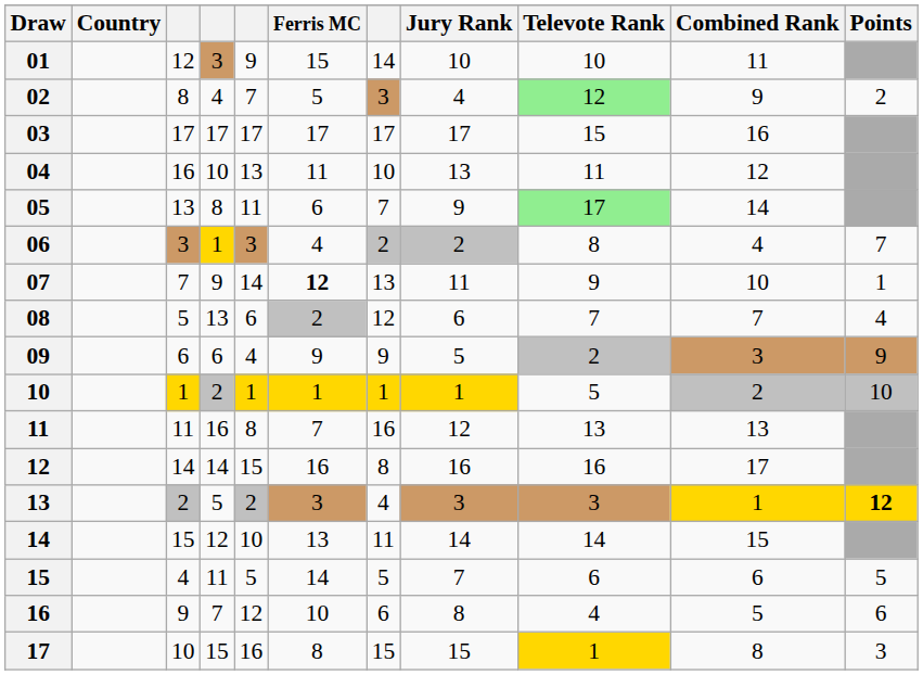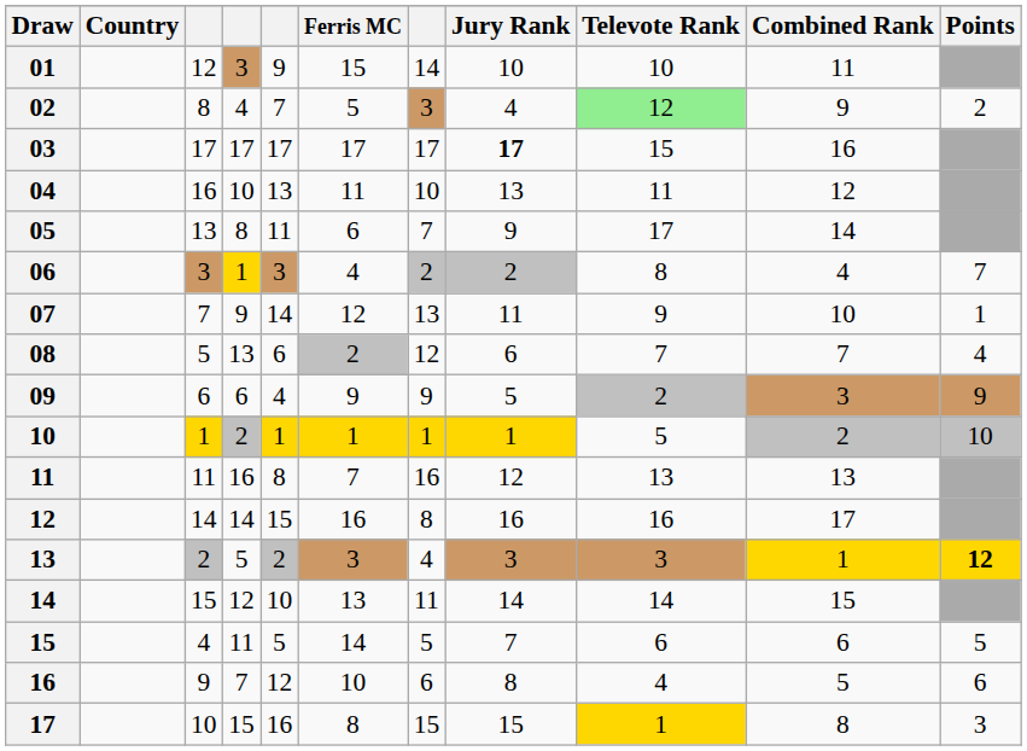 <table class="sortable wikitable collapsible plainrowheaders" style="text-align:center;">
 <tr>
 </tr>
 <tr>
 <th scope="col">Draw</th>
 <th scope="col">Country</th>
 <th scope="col"><small></small></th>
 <th scope="col"><small></small></th>
 <th scope="col"><small></small></th>
 <th scope="col"><small>Ferris MC</small></th>
 <th scope="col"><small></small></th>
 <th scope="col">Jury Rank</th>
 <th scope="col">Televote Rank</th>
 <th scope="col">Combined Rank</th>
 <th scope="col">Points</th>
 </tr>
 <tr>
 <th scope="row" style="text-align:center;">01</th>
 <td style="text-align:left;"></td>
 <td>12</td>
 <td style="background:#CC9966;">3</td>
 <td>9</td>
 <td>15</td>
 <td>14</td>
 <td>10</td>
 <td>10</td>
 <td>11</td>
 <td style="background:#AAAAAA;"></td>
 </tr>
 <tr>
 <th scope="row" style="text-align:center;">02</th>
 <td style="text-align:left;"></td>
 <td>8</td>
 <td>4</td>
 <td>7</td>
 <td>5</td>
 <td style="background:#CC9966;">3</td>
 <td>4</td>
 <td style="background: lightgreen;">12</td>
 <td>9</td>
 <td>2</td>
 </tr>
 <tr>
 <th scope="row" style="text-align:center;">03</th>
 <td style="text-align:left;"></td>
 <td>17</td>
 <td>17</td>
 <td>17</td>
 <td>17</td>
 <td>17</td>
-<td>17</td>
+<td><strong>17</strong></td>
 <td>15</td>
 <td>16</td>
 <td style="background:#AAAAAA;"></td>
 </tr>
 <tr>
 <th scope="row" style="text-align:center;">04</th>
 <td style="text-align:left;"></td>
 <td>16</td>
 <td>10</td>
 <td>13</td>
 <td>11</td>
 <td>10</td>
 <td>13</td>
 <td>11</td>
 <td>12</td>
 <td style="background:#AAAAAA;"></td>
 </tr>
 <tr>
 <th scope="row" style="text-align:center;">05</th>
 <td style="text-align:left;"></td>
 <td>13</td>
 <td>8</td>
 <td>11</td>
 <td>6</td>
 <td>7</td>
 <td>9</td>
-<td style="background: lightgreen;">17</td>
+<td>17</td>
 <td>14</td>
 <td style="background:#AAAAAA;"></td>
 </tr>
 <tr>
 <th scope="row" style="text-align:center;">06</th>
 <td style="text-align:left;"></td>
 <td style="background:#CC9966;">3</td>
 <td style="background:gold;">1</td>
 <td style="background:#CC9966;">3</td>
 <td>4</td>
 <td style="background:silver;">2</td>
 <td style="background:silver;">2</td>
 <td>8</td>
 <td>4</td>
 <td>7</td>
 </tr>
 <tr>
 <th scope="row" style="text-align:center;">07</th>
 <td style="text-align:left;"></td>
 <td>7</td>
 <td>9</td>
 <td>14</td>
-<td><strong>12</strong></td>
+<td>12</td>
 <td>13</td>
 <td>11</td>
 <td>9</td>
 <td>10</td>
 <td>1</td>
 </tr>
 <tr>
 <th scope="row" style="text-align:center;">08</th>
 <td style="text-align:left;"></td>
 <td>5</td>
 <td>13</td>
 <td>6</td>
 <td style="background:silver;">2</td>
 <td>12</td>
 <td>6</td>
 <td>7</td>
 <td>7</td>
 <td>4</td>
 </tr>
 <tr>
 <th scope="row" style="text-align:center;">09</th>
 <td style="text-align:left;"></td>
 <td>6</td>
 <td>6</td>
 <td>4</td>
 <td>9</td>
 <td>9</td>
 <td>5</td>
 <td style="background:silver;">2</td>
 <td style="background:#CC9966;">3</td>
 <td style="background:#CC9966;">9</td>
 </tr>
 <tr>
 <th scope="row" style="text-align:center;">10</th>
 <td style="text-align:left;"></td>
 <td style="background:gold;">1</td>
 <td style="background:silver;">2</td>
 <td style="background:gold;">1</td>
 <td style="background:gold;">1</td>
 <td style="background:gold;">1</td>
 <td style="background:gold;">1</td>
 <td>5</td>
 <td style="background:silver;">2</td>
 <td style="background:silver;">10</td>
 </tr>
 <tr>
 <th scope="row" style="text-align:center;">11</th>
 <td style="text-align:left;"></td>
 <td>11</td>
 <td>16</td>
 <td>8</td>
 <td>7</td>
 <td>16</td>
 <td>12</td>
 <td>13</td>
 <td>13</td>
 <td style="background:#AAAAAA;"></td>
 </tr>
 <tr>
 <th scope="row" style="text-align:center;">12</th>
 <td style="text-align:left;"></td>
 <td>14</td>
 <td>14</td>
 <td>15</td>
 <td>16</td>
 <td>8</td>
 <td>16</td>
 <td>16</td>
 <td>17</td>
 <td style="background:#AAAAAA;"></td>
 </tr>
 <tr>
 <th scope="row" style="text-align:center;">13</th>
 <td style="text-align:left;"></td>
 <td style="background:silver;">2</td>
 <td>5</td>
 <td style="background:silver;">2</td>
 <td style="background:#CC9966;">3</td>
 <td>4</td>
 <td style="background:#CC9966;">3</td>
 <td style="background:#CC9966;">3</td>
 <td style="background:gold;">1</td>
 <td style="background:gold;"><strong>12</strong></td>
 </tr>
 <tr>
 <th scope="row" style="text-align:center;">14</th>
 <td style="text-align:left;"></td>
 <td>15</td>
 <td>12</td>
 <td>10</td>
 <td>13</td>
 <td>11</td>
 <td>14</td>
 <td>14</td>
 <td>15</td>
 <td style="background:#AAAAAA;"></td>
 </tr>
 <tr>
 <th scope="row" style="text-align:center;">15</th>
 <td style="text-align:left;"></td>
 <td>4</td>
 <td>11</td>
 <td>5</td>
 <td>14</td>
 <td>5</td>
 <td>7</td>
 <td>6</td>
 <td>6</td>
 <td>5</td>
 </tr>
 <tr>
 <th scope="row" style="text-align:center;">16</th>
 <td style="text-align:left;"></td>
 <td>9</td>
 <td>7</td>
 <td>12</td>
 <td>10</td>
 <td>6</td>
 <td>8</td>
 <td>4</td>
 <td>5</td>
 <td>6</td>
 </tr>
 <tr>
 <th scope="row" style="text-align:center;">17</th>
 <td style="text-align:left;"></td>
 <td>10</td>
 <td>15</td>
 <td>16</td>
 <td>8</td>
 <td>15</td>
 <td>15</td>
 <td style="background:gold;">1</td>
 <td>8</td>
 <td>3</td>
 </tr>
 </table>
